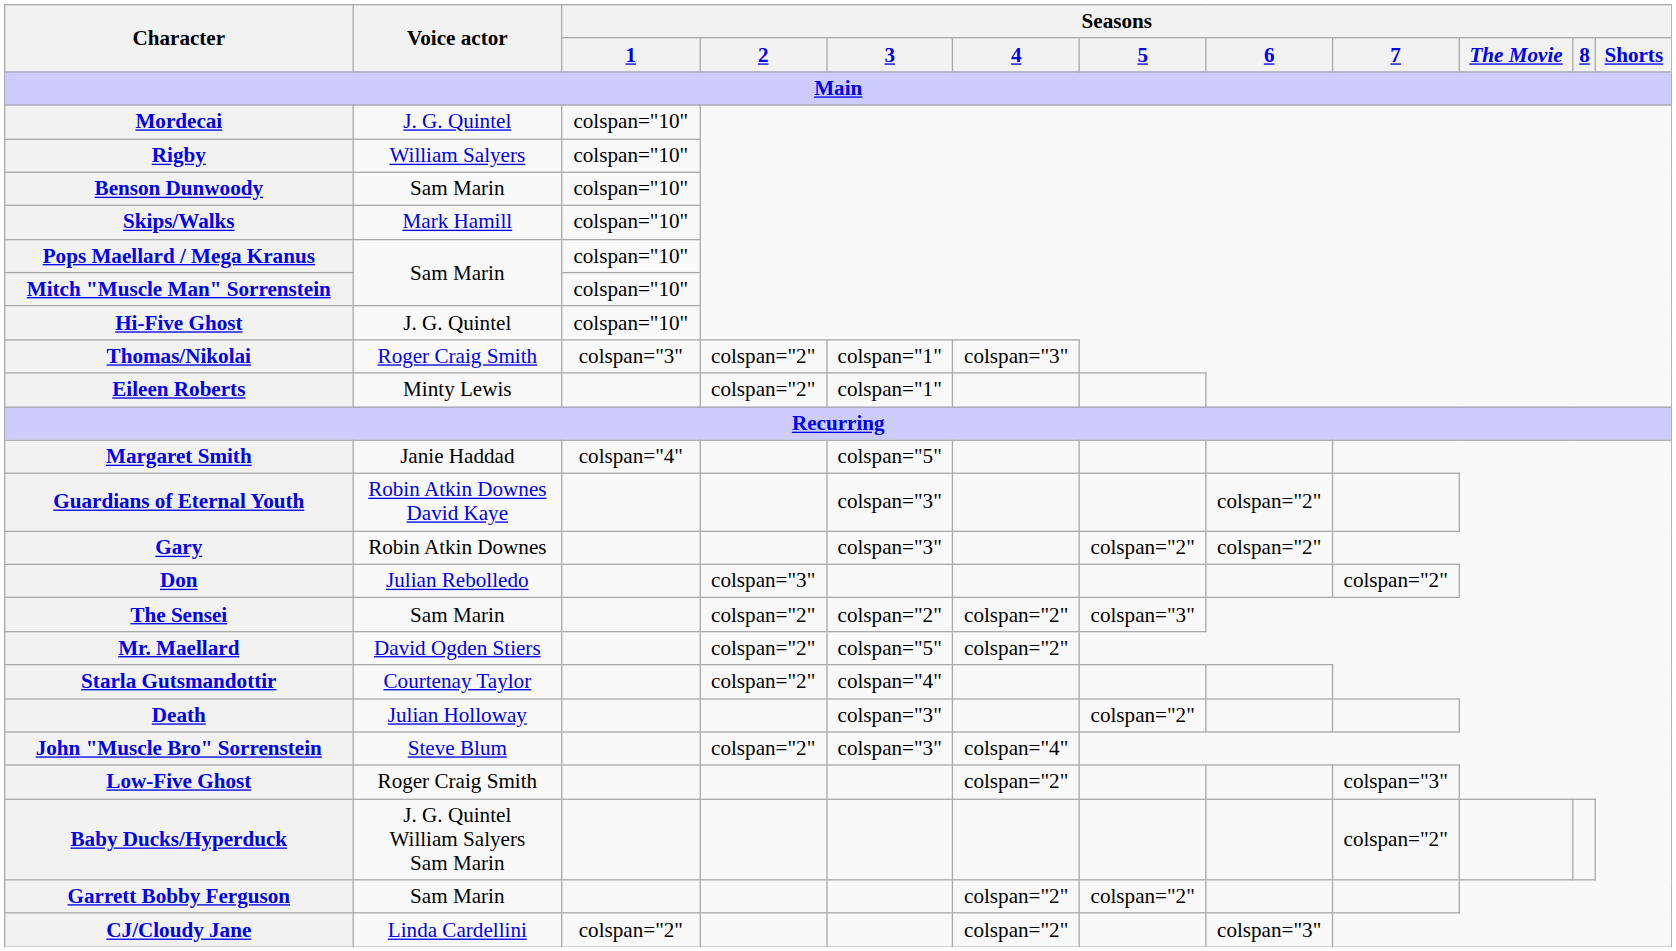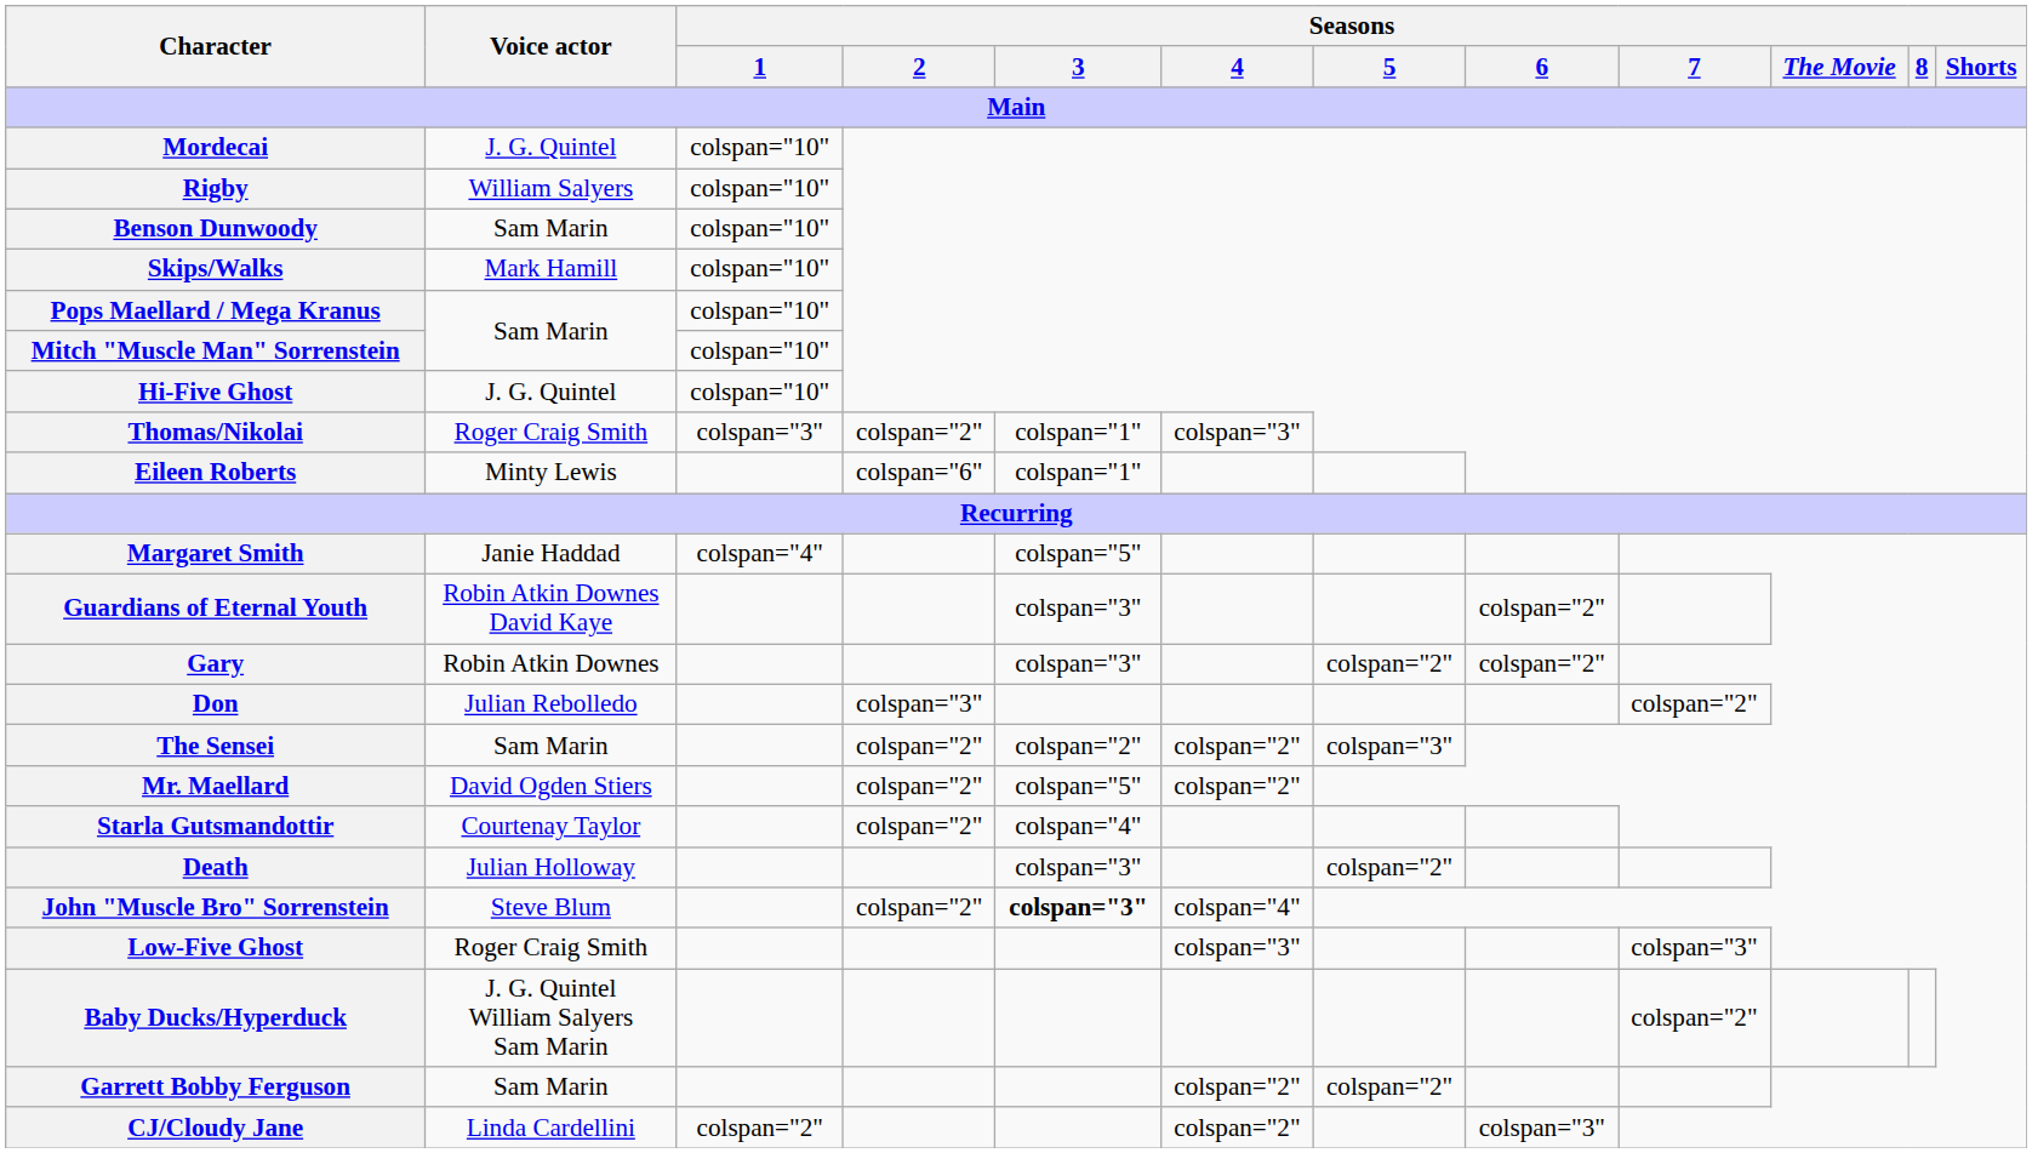 <table class="wikitable" style="text-align:center; width:100%">
 <tr>
 <th scope="col" rowspan="2">Character</th>
 <th scope="col" rowspan="2">Voice actor</th>
 <th scope="col" colspan="12">Seasons</th>
 </tr>
 <tr>
 <th scope="col"><a href='#'>1</a></th>
 <th scope="col"><a href='#'>2</a></th>
 <th scope="col"><a href='#'>3</a></th>
 <th scope="col"><a href='#'>4</a></th>
 <th scope="col"><a href='#'>5</a></th>
 <th scope="col"><a href='#'>6</a></th>
 <th scope="col"><a href='#'>7</a></th>
 <th scope="col"><a href='#'><em>The Movie</em></a></th>
 <th scope="col"><a href='#'>8</a></th>
 <th scope="col"><a href='#'>Shorts</a></th>
 </tr>
 <tr>
 <th colspan="12" style="background-color:#ccccff;"><a href='#'>Main</a></th>
 </tr>
 <tr>
 <th scope="row"><a href='#'>Mordecai</a></th>
 <td><a href='#'>J. G. Quintel</a></td>
 <td>colspan="10" </td>
 </tr>
 <tr>
 <th scope="row"><a href='#'>Rigby</a></th>
 <td><a href='#'>William Salyers</a></td>
 <td>colspan="10" </td>
 </tr>
 <tr>
 <th scope="row"><a href='#'>Benson Dunwoody</a></th>
 <td>Sam Marin</td>
 <td>colspan="10" </td>
 </tr>
 <tr>
 <th scope="row"><a href='#'>Skips/Walks</a></th>
 <td><a href='#'>Mark Hamill</a></td>
 <td>colspan="10" </td>
 </tr>
 <tr>
 <th scope="row"><a href='#'>Pops Maellard / Mega Kranus</a></th>
 <td rowspan="2">Sam Marin</td>
 <td>colspan="10" </td>
 </tr>
 <tr>
 <th scope="row"><a href='#'>Mitch "Muscle Man" Sorrenstein</a></th>
 <td>colspan="10" </td>
 </tr>
 <tr>
 <th scope="row"><a href='#'>Hi-Five Ghost</a></th>
 <td>J. G. Quintel</td>
 <td>colspan="10" </td>
 </tr>
 <tr>
 <th scope="row"><a href='#'>Thomas/Nikolai</a></th>
 <td><a href='#'>Roger Craig Smith</a></td>
 <td>colspan="3" </td>
 <td>colspan="2" </td>
 <td>colspan="1" </td>
 <td>colspan="3" </td>
 </tr>
 <tr>
 <th scope="row"><a href='#'>Eileen Roberts</a></th>
 <td>Minty Lewis</td>
 <td></td>
-<td>colspan="2" </td>
+<td>colspan="6" </td>
 <td>colspan="1" </td>
 <td></td>
 <td></td>
 </tr>
 <tr>
 <th colspan="12" style="background-color:#ccccff;"><a href='#'>Recurring</a></th>
 </tr>
 <tr>
 <th scope="row"><a href='#'>Margaret Smith</a></th>
 <td>Janie Haddad</td>
 <td>colspan="4" </td>
 <td></td>
 <td>colspan="5" </td>
 <td></td>
 <td></td>
 <td></td>
 </tr>
 <tr>
 <th scope="row"><a href='#'>Guardians of Eternal Youth</a></th>
 <td><a href='#'>Robin Atkin Downes</a><br><a href='#'>David Kaye</a></td>
 <td></td>
 <td></td>
 <td>colspan="3" </td>
 <td></td>
 <td></td>
 <td>colspan="2" </td>
 <td></td>
 </tr>
 <tr>
 <th scope="row"><a href='#'>Gary</a></th>
 <td>Robin Atkin Downes</td>
 <td></td>
 <td></td>
 <td>colspan="3" </td>
 <td></td>
 <td>colspan="2" </td>
 <td>colspan="2" </td>
 </tr>
 <tr>
 <th scope="row"><a href='#'>Don</a></th>
 <td><a href='#'>Julian Rebolledo</a></td>
 <td></td>
 <td>colspan="3" </td>
 <td></td>
 <td></td>
 <td></td>
 <td></td>
 <td>colspan="2" </td>
 </tr>
 <tr>
 <th scope="row"><a href='#'>The Sensei</a></th>
 <td>Sam Marin</td>
 <td></td>
 <td>colspan="2" </td>
 <td>colspan="2" </td>
 <td>colspan="2" </td>
 <td>colspan="3" </td>
 </tr>
 <tr>
 <th scope="row"><a href='#'>Mr. Maellard</a></th>
 <td><a href='#'>David Ogden Stiers</a></td>
 <td></td>
 <td>colspan="2" </td>
 <td>colspan="5" </td>
 <td>colspan="2" </td>
 </tr>
 <tr>
 <th scope="row"><a href='#'>Starla Gutsmandottir</a></th>
 <td><a href='#'>Courtenay Taylor</a></td>
 <td></td>
 <td>colspan="2" </td>
 <td>colspan="4" </td>
 <td></td>
 <td></td>
 <td></td>
 </tr>
 <tr>
 <th scope="row"><a href='#'>Death</a></th>
 <td><a href='#'>Julian Holloway</a></td>
 <td></td>
 <td></td>
 <td>colspan="3" </td>
 <td></td>
 <td>colspan="2" </td>
 <td></td>
 <td></td>
 </tr>
 <tr>
 <th scope="row"><a href='#'>John "Muscle Bro" Sorrenstein</a></th>
 <td><a href='#'>Steve Blum</a></td>
 <td></td>
 <td>colspan="2" </td>
-<td>colspan="3" </td>
+<td><strong>colspan="3" </strong></td>
 <td>colspan="4" </td>
 </tr>
 <tr>
 <th scope="row"><a href='#'>Low-Five Ghost</a></th>
 <td>Roger Craig Smith</td>
 <td></td>
 <td></td>
 <td></td>
-<td>colspan="2" </td>
+<td>colspan="3" </td>
 <td></td>
 <td></td>
 <td>colspan="3" </td>
 </tr>
 <tr>
 <th scope="row"><a href='#'>Baby Ducks/Hyperduck</a></th>
 <td>J. G. Quintel<br>William Salyers<br>Sam Marin</td>
 <td></td>
 <td></td>
 <td></td>
 <td></td>
 <td></td>
 <td></td>
 <td>colspan="2" </td>
 <td></td>
 <td></td>
 </tr>
 <tr>
 <th scope="row"><a href='#'>Garrett Bobby Ferguson</a></th>
 <td>Sam Marin</td>
 <td></td>
 <td></td>
 <td></td>
 <td>colspan="2" </td>
 <td>colspan="2" </td>
 <td></td>
 <td></td>
 </tr>
 <tr>
 <th scope="row"><a href='#'>CJ/Cloudy Jane</a></th>
 <td><a href='#'>Linda Cardellini</a></td>
 <td>colspan="2" </td>
 <td></td>
 <td></td>
 <td>colspan="2" </td>
 <td></td>
 <td>colspan="3" </td>
 </tr>
 </table>
